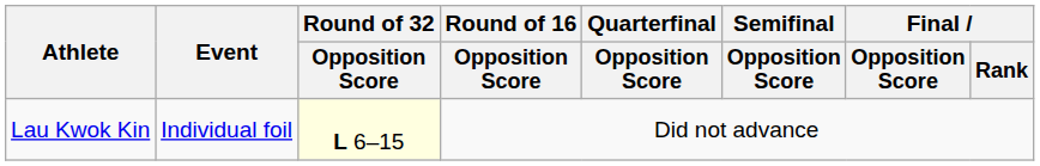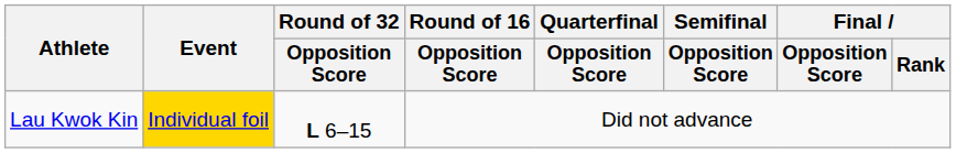 <table class="wikitable" style="font-size:90%">
 <tr>
 <th rowspan="2">Athlete</th>
 <th rowspan="2">Event</th>
 <th>Round of 32</th>
 <th>Round of 16</th>
 <th>Quarterfinal</th>
 <th>Semifinal</th>
 <th colspan=2>Final / </th>
 </tr>
 <tr style="font-size:95%">
 <th>Opposition <br> Score</th>
 <th>Opposition <br> Score</th>
 <th>Opposition <br> Score</th>
 <th>Opposition <br> Score</th>
 <th>Opposition <br> Score</th>
 <th>Rank</th>
 </tr>
 <tr align=center>
 <td align=left><a href='#'>Lau Kwok Kin</a></td>
-<td align=left><a href='#'>Individual foil</a></td>
-<td style="background: lightyellow;"><br><strong>L</strong> 6–15</td>
+<td align=left style="background: gold;"><a href='#'>Individual foil</a></td>
+<td><br><strong>L</strong> 6–15</td>
 <td colspan=5>Did not advance</td>
 </tr>
 </table>
